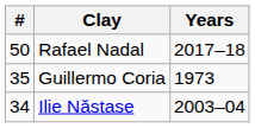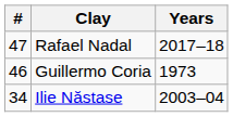 <table class="wikitable" style="display:inline-table;">
 <tr>
 <th>#</th>
 <th>Clay</th>
 <th>Years</th>
 </tr>
 <tr>
-<td>50</td>
+<td>47</td>
 <td> Rafael Nadal</td>
 <td>2017–18</td>
 </tr>
 <tr>
-<td>35</td>
+<td>46</td>
 <td> Guillermo Coria</td>
 <td>1973</td>
 </tr>
 <tr>
 <td>34</td>
 <td> <a href='#'>Ilie Năstase</a></td>
 <td>2003–04</td>
 </tr>
 </table>
